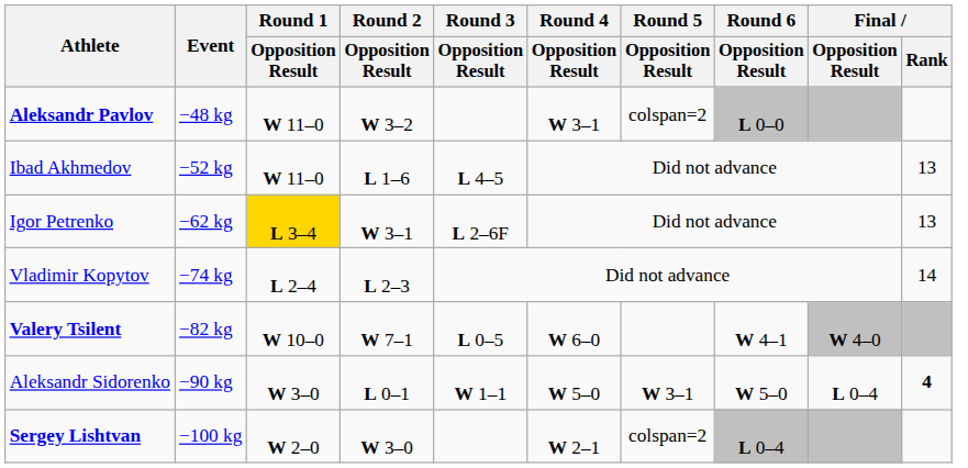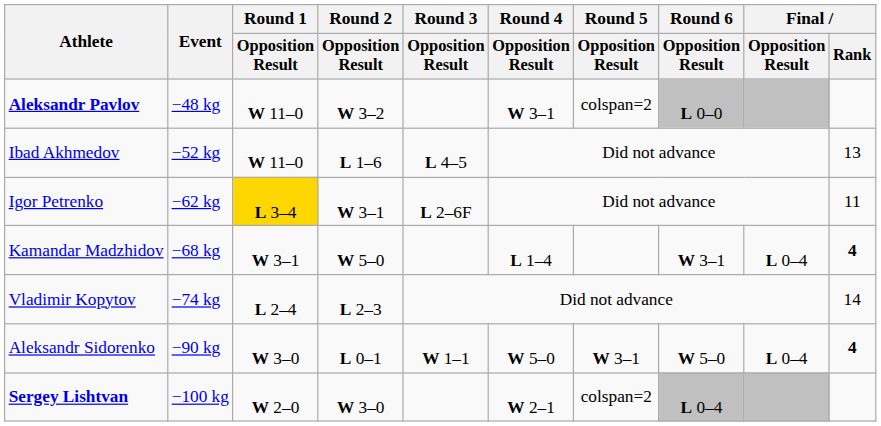 <table class="wikitable" style="font-size:90%">
 <tr>
 <th rowspan="2">Athlete</th>
 <th rowspan="2">Event</th>
 <th>Round 1</th>
 <th>Round 2</th>
 <th>Round 3</th>
 <th>Round 4</th>
 <th>Round 5</th>
 <th>Round 6</th>
 <th colspan=2>Final / </th>
 </tr>
 <tr style="font-size: 95%">
 <th>Opposition<br>Result</th>
 <th>Opposition<br>Result</th>
 <th>Opposition<br>Result</th>
 <th>Opposition<br>Result</th>
 <th>Opposition<br>Result</th>
 <th>Opposition<br>Result</th>
 <th>Opposition<br>Result</th>
 <th>Rank</th>
 </tr>
 <tr align=center>
 <td align=left><strong><a href='#'>Aleksandr Pavlov</a></strong></td>
 <td align=left><a href='#'>−48 kg</a></td>
 <td><br><strong>W</strong> 11–0</td>
 <td><br><strong>W</strong> 3–2</td>
 <td></td>
 <td><br><strong>W</strong> 3–1</td>
 <td>colspan=2 </td>
 <td align="center" bgcolor='silver'><br><strong>L</strong> 0–0</td>
 <td align="center" bgcolor='silver'></td>
 </tr>
 <tr align=center>
 <td align=left><a href='#'>Ibad Akhmedov</a></td>
 <td align=left><a href='#'>−52 kg</a></td>
 <td><br><strong>W</strong> 11–0</td>
 <td><br><strong>L</strong> 1–6</td>
 <td><br><strong>L</strong> 4–5</td>
 <td colspan=4>Did not advance</td>
 <td>13</td>
 </tr>
 <tr align=center>
 <td align=left><a href='#'>Igor Petrenko</a></td>
 <td align=left><a href='#'>−62 kg</a></td>
 <td style="background: gold;"><br><strong>L</strong> 3–4</td>
 <td><br><strong>W</strong> 3–1</td>
 <td><br><strong>L</strong> 2–6F</td>
 <td colspan=4>Did not advance</td>
-<td>13</td>
+<td>11</td>
+</tr>
+<tr align=center>
+<td align=left><a href='#'>Kamandar Madzhidov</a></td>
+<td align=left><a href='#'>−68 kg</a></td>
+<td><br><strong>W</strong> 3–1</td>
+<td><br><strong>W</strong> 5–0</td>
+<td></td>
+<td><br><strong>L</strong> 1–4</td>
+<td></td>
+<td><br><strong>W</strong> 3–1</td>
+<td><br><strong>L</strong> 0–4</td>
+<td><strong>4</strong></td>
 </tr>
 <tr align=center>
 <td align=left><a href='#'>Vladimir Kopytov</a></td>
 <td align=left><a href='#'>−74 kg</a></td>
 <td><br><strong>L</strong> 2–4</td>
 <td><br><strong>L</strong> 2–3</td>
 <td colspan=5>Did not advance</td>
 <td>14</td>
-</tr>
-<tr align=center>
-<td align=left><strong><a href='#'>Valery Tsilent</a></strong></td>
-<td align=left><a href='#'>−82 kg</a></td>
-<td><br><strong>W</strong> 10–0</td>
-<td><br><strong>W</strong> 7–1</td>
-<td><br><strong>L</strong> 0–5</td>
-<td><br><strong>W</strong> 6–0</td>
-<td></td>
-<td><br><strong>W</strong> 4–1</td>
-<td align="center" bgcolor='silver'><br><strong>W</strong> 4–0</td>
-<td align="center" bgcolor='silver'></td>
 </tr>
 <tr align=center>
 <td align=left><a href='#'>Aleksandr Sidorenko</a></td>
 <td align=left><a href='#'>−90 kg</a></td>
 <td><br><strong>W</strong> 3–0</td>
 <td><br><strong>L</strong> 0–1</td>
 <td><br><strong>W</strong> 1–1</td>
 <td><br><strong>W</strong> 5–0</td>
 <td><br><strong>W</strong> 3–1</td>
 <td><br><strong>W</strong> 5–0</td>
 <td><br><strong>L</strong> 0–4</td>
 <td><strong>4</strong></td>
 </tr>
 <tr align=center>
 <td align=left><strong><a href='#'>Sergey Lishtvan</a></strong></td>
 <td align=left><a href='#'>−100 kg</a></td>
 <td><br><strong>W</strong> 2–0</td>
 <td><br><strong>W</strong> 3–0</td>
 <td></td>
 <td><br><strong>W</strong> 2–1</td>
 <td>colspan=2 </td>
 <td align="center" bgcolor='silver'><br><strong>L</strong> 0–4</td>
 <td align="center" bgcolor='silver'></td>
 </tr>
 </table>
